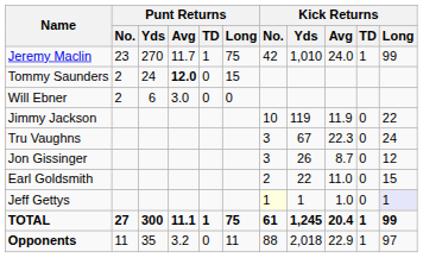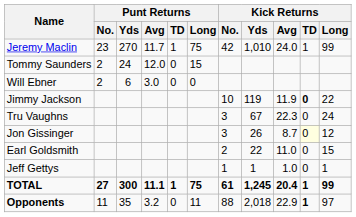 <table class="wikitable" style="white-space:nowrap;">
 <tr>
 <th rowspan="2">Name</th>
 <th colspan="5">Punt Returns</th>
 <th colspan="5">Kick Returns</th>
 </tr>
 <tr>
 <th>No.</th>
 <th>Yds</th>
 <th>Avg</th>
 <th>TD</th>
 <th>Long</th>
 <th>No.</th>
 <th>Yds</th>
 <th>Avg</th>
 <th>TD</th>
 <th>Long</th>
 </tr>
 <tr>
 <td><a href='#'>Jeremy Maclin</a></td>
 <td>23</td>
 <td>270</td>
 <td>11.7</td>
 <td>1</td>
 <td>75</td>
 <td>42</td>
 <td>1,010</td>
 <td>24.0</td>
 <td>1</td>
 <td>99</td>
 </tr>
 <tr>
 <td>Tommy Saunders</td>
 <td>2</td>
 <td>24</td>
-<td><strong>12.0</strong></td>
+<td>12.0</td>
 <td>0</td>
 <td>15</td>
 <td></td>
 <td></td>
 <td></td>
 <td></td>
 <td></td>
 </tr>
 <tr>
 <td>Will Ebner</td>
 <td>2</td>
 <td>  6</td>
 <td>3.0</td>
 <td>0</td>
 <td>0</td>
 <td></td>
 <td></td>
 <td></td>
 <td></td>
 <td></td>
 </tr>
 <tr>
 <td>Jimmy Jackson</td>
 <td></td>
 <td></td>
 <td></td>
 <td></td>
 <td></td>
 <td>10</td>
 <td>119</td>
 <td>11.9</td>
-<td>0</td>
+<td><strong>0</strong></td>
 <td>22</td>
 </tr>
 <tr>
 <td>Tru Vaughns</td>
 <td></td>
 <td></td>
 <td></td>
 <td></td>
 <td></td>
 <td>3</td>
 <td>  67</td>
 <td>22.3</td>
 <td>0</td>
 <td>24</td>
 </tr>
 <tr>
 <td>Jon Gissinger</td>
 <td></td>
 <td></td>
 <td></td>
 <td></td>
 <td></td>
 <td>3</td>
 <td>  26</td>
 <td>  8.7</td>
-<td>0</td>
+<td style="background: lightyellow;">0</td>
 <td>12</td>
 </tr>
 <tr>
 <td>Earl Goldsmith</td>
 <td></td>
 <td></td>
 <td></td>
 <td></td>
 <td></td>
 <td>2</td>
 <td>  22</td>
 <td>11.0</td>
 <td>0</td>
 <td>15</td>
 </tr>
 <tr>
 <td>Jeff Gettys</td>
 <td></td>
 <td></td>
 <td></td>
 <td></td>
 <td></td>
-<td style="background: lightyellow;">1</td>
+<td>1</td>
 <td>   1</td>
 <td>  1.0</td>
 <td>0</td>
-<td style="background: lavender;">1</td>
+<td>1</td>
 </tr>
 <tr>
 <td><strong>TOTAL</strong></td>
 <td><strong>27</strong></td>
 <td><strong>300</strong></td>
 <td><strong>11.1</strong></td>
 <td><strong>1</strong></td>
 <td><strong>75</strong></td>
 <td><strong>61</strong></td>
 <td><strong>1,245</strong></td>
 <td><strong>20.4</strong></td>
 <td><strong>1</strong></td>
 <td><strong>99</strong></td>
 </tr>
 <tr>
 <td><strong>Opponents</strong></td>
 <td>11</td>
 <td>35</td>
 <td>3.2</td>
 <td>0</td>
 <td>11</td>
 <td>88</td>
 <td>2,018</td>
 <td>22.9</td>
-<td>1</td>
+<td><strong>1</strong></td>
 <td>97</td>
 </tr>
 </table>
